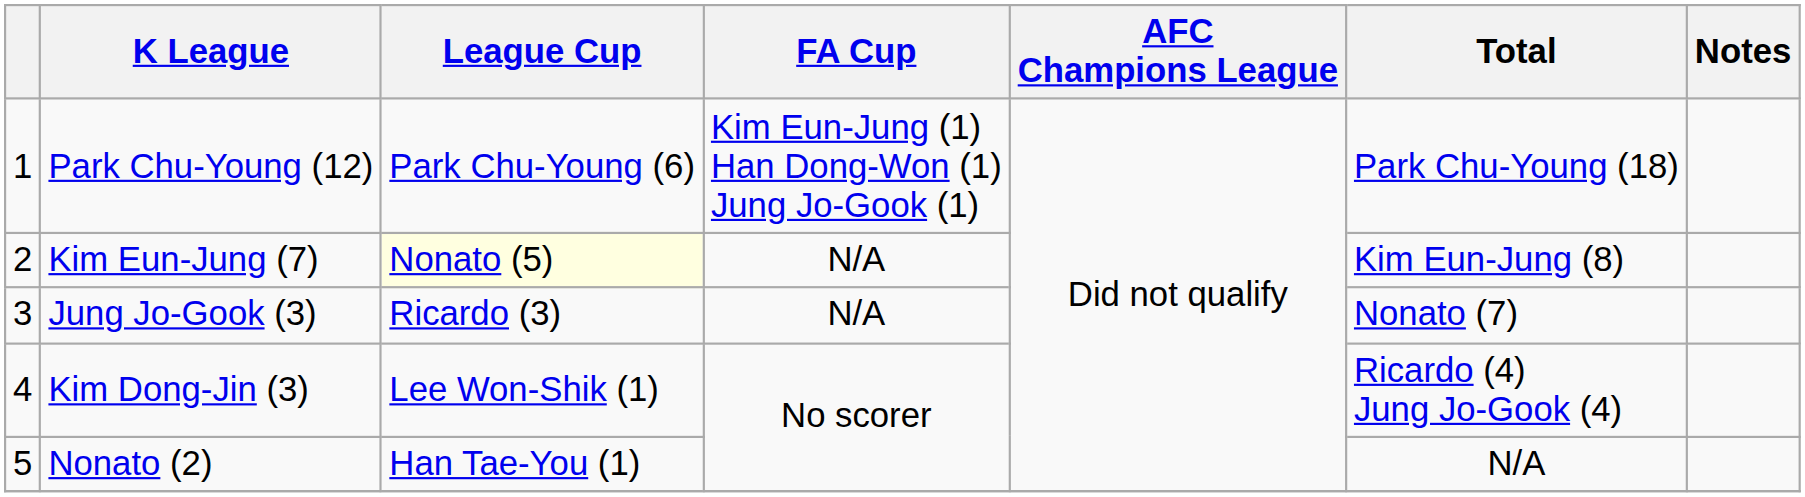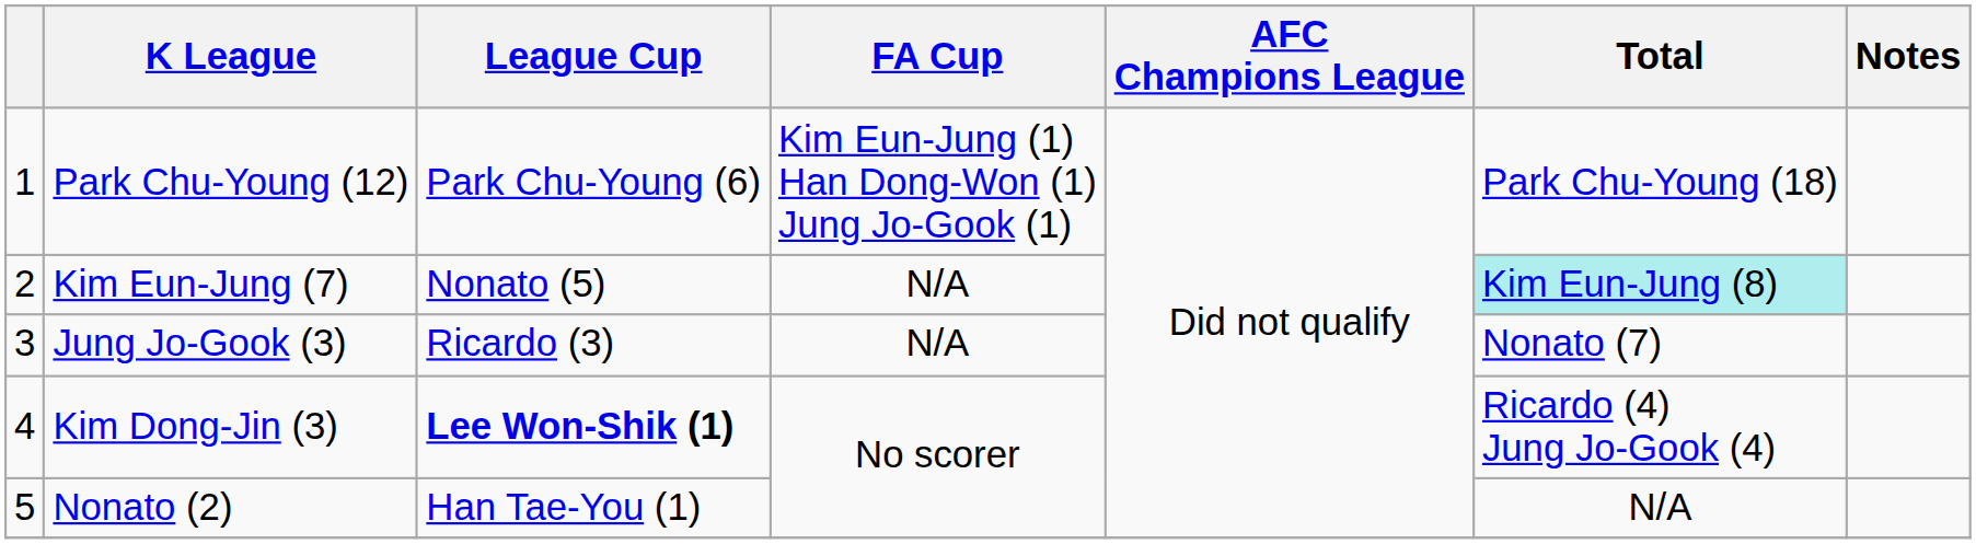 <table class="wikitable" style="text-align:center">
 <tr>
 <th></th>
 <th><a href='#'>K League</a></th>
 <th><a href='#'>League Cup</a></th>
 <th><a href='#'>FA Cup</a></th>
 <th><a href='#'>AFC<br>Champions League</a></th>
 <th>Total</th>
 <th>Notes</th>
 </tr>
 <tr>
 <td>1</td>
 <td align=left> <a href='#'>Park Chu-Young</a> (12)</td>
 <td align=left> <a href='#'>Park Chu-Young</a> (6)</td>
 <td align=left> <a href='#'>Kim Eun-Jung</a> (1) <br>  <a href='#'>Han Dong-Won</a> (1) <br>  <a href='#'>Jung Jo-Gook</a> (1)</td>
 <td rowspan="5">Did not qualify</td>
 <td align=left> <a href='#'>Park Chu-Young</a> (18)</td>
 <td></td>
 </tr>
 <tr>
 <td>2</td>
 <td align=left> <a href='#'>Kim Eun-Jung</a> (7)</td>
-<td align=left style="background: lightyellow;"> <a href='#'>Nonato</a> (5)</td>
+<td align=left> <a href='#'>Nonato</a> (5)</td>
 <td>N/A</td>
-<td align=left> <a href='#'>Kim Eun-Jung</a> (8)</td>
+<td align=left style="background: paleturquoise;"> <a href='#'>Kim Eun-Jung</a> (8)</td>
 <td></td>
 </tr>
 <tr>
 <td>3</td>
 <td align=left> <a href='#'>Jung Jo-Gook</a> (3)</td>
 <td align=left> <a href='#'>Ricardo</a> (3)</td>
 <td>N/A</td>
 <td align=left> <a href='#'>Nonato</a> (7)</td>
 <td></td>
 </tr>
 <tr>
 <td>4</td>
 <td align=left> <a href='#'>Kim Dong-Jin</a> (3)</td>
-<td align=left> <a href='#'>Lee Won-Shik</a> (1)</td>
+<td align=left><strong> <a href='#'>Lee Won-Shik</a> (1)</strong></td>
 <td rowspan="2">No scorer</td>
 <td align=left> <a href='#'>Ricardo</a> (4) <br>  <a href='#'>Jung Jo-Gook</a> (4)</td>
 <td></td>
 </tr>
 <tr>
 <td>5</td>
 <td align=left> <a href='#'>Nonato</a> (2)</td>
 <td align=left> <a href='#'>Han Tae-You</a> (1)</td>
 <td>N/A</td>
 <td></td>
 </tr>
 <tr>
 </tr>
 </table>
